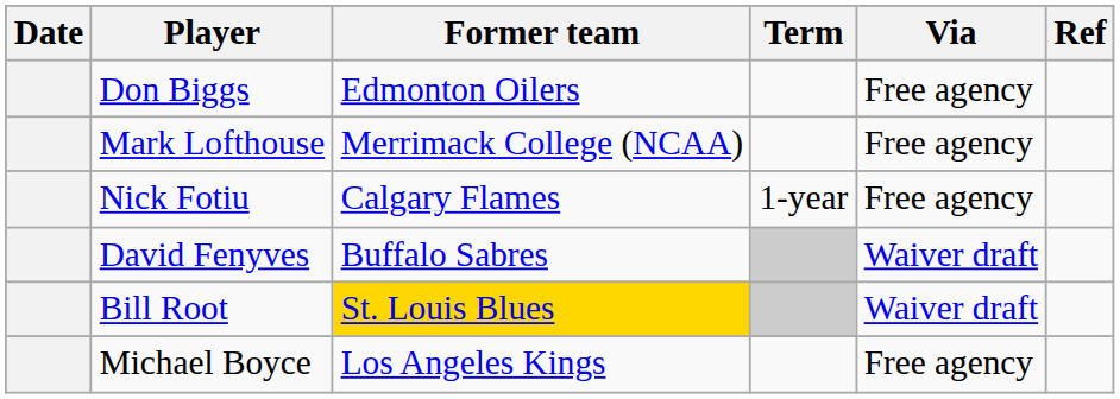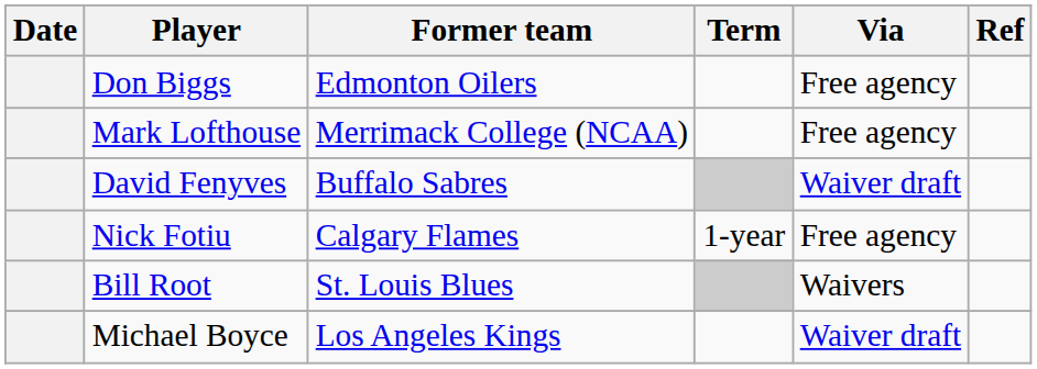 <table class="wikitable plainrowheaders">
 <tr style="background:#ddd; text-align:center;">
 <th>Date</th>
 <th>Player</th>
 <th>Former team</th>
 <th>Term</th>
 <th>Via</th>
 <th>Ref</th>
 </tr>
 <tr>
 <th scope="row"></th>
 <td><a href='#'>Don Biggs</a></td>
 <td><a href='#'>Edmonton Oilers</a></td>
 <td></td>
 <td>Free agency</td>
 <td></td>
 </tr>
 <tr>
 <th scope="row"></th>
 <td><a href='#'>Mark Lofthouse</a></td>
 <td><a href='#'>Merrimack College</a> (<a href='#'>NCAA</a>)</td>
 <td></td>
 <td>Free agency</td>
 <td></td>
 </tr>
 <tr>
 <th scope="row"></th>
+<td><a href='#'>David Fenyves</a></td>
+<td><a href='#'>Buffalo Sabres</a></td>
+<td style="background:#ccc"></td>
+<td><a href='#'>Waiver draft</a></td>
+<td></td>
+</tr>
+<tr>
+<th scope="row"></th>
 <td><a href='#'>Nick Fotiu</a></td>
 <td><a href='#'>Calgary Flames</a></td>
 <td>1-year</td>
 <td>Free agency</td>
 <td></td>
 </tr>
 <tr>
 <th scope="row"></th>
-<td><a href='#'>David Fenyves</a></td>
-<td><a href='#'>Buffalo Sabres</a></td>
+<td><a href='#'>Bill Root</a></td>
+<td><a href='#'>St. Louis Blues</a></td>
 <td style="background:#ccc"></td>
-<td><a href='#'>Waiver draft</a></td>
-<td></td>
-</tr>
-<tr>
-<th scope="row"></th>
-<td><a href='#'>Bill Root</a></td>
-<td style="background: gold;"><a href='#'>St. Louis Blues</a></td>
-<td style="background:#ccc"></td>
-<td><a href='#'>Waiver draft</a></td>
+<td>Waivers</td>
 <td></td>
 </tr>
 <tr>
 <th scope="row"></th>
 <td>Michael Boyce</td>
 <td><a href='#'>Los Angeles Kings</a></td>
 <td></td>
-<td>Free agency</td>
+<td><a href='#'>Waiver draft</a></td>
 <td></td>
 </tr>
 </table>
